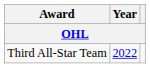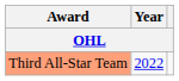 <table class="wikitable">
 <tr>
 <th>Award</th>
 <th>Year</th>
 <th></th>
 </tr>
 <tr ALIGN="center" bgcolor="#e0e0e0">
 <th colspan="3"><a href='#'>OHL</a></th>
 </tr>
 <tr>
-<td>Third All-Star Team</td>
+<td style="background: lightsalmon;">Third All-Star Team</td>
 <td><a href='#'>2022</a></td>
 <td></td>
 </tr>
 </table>
